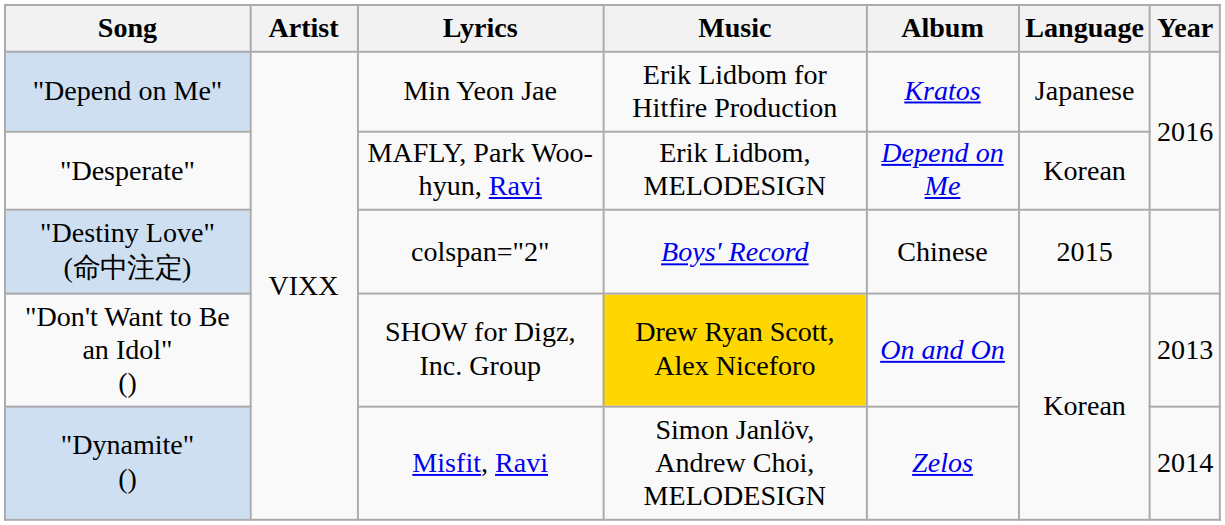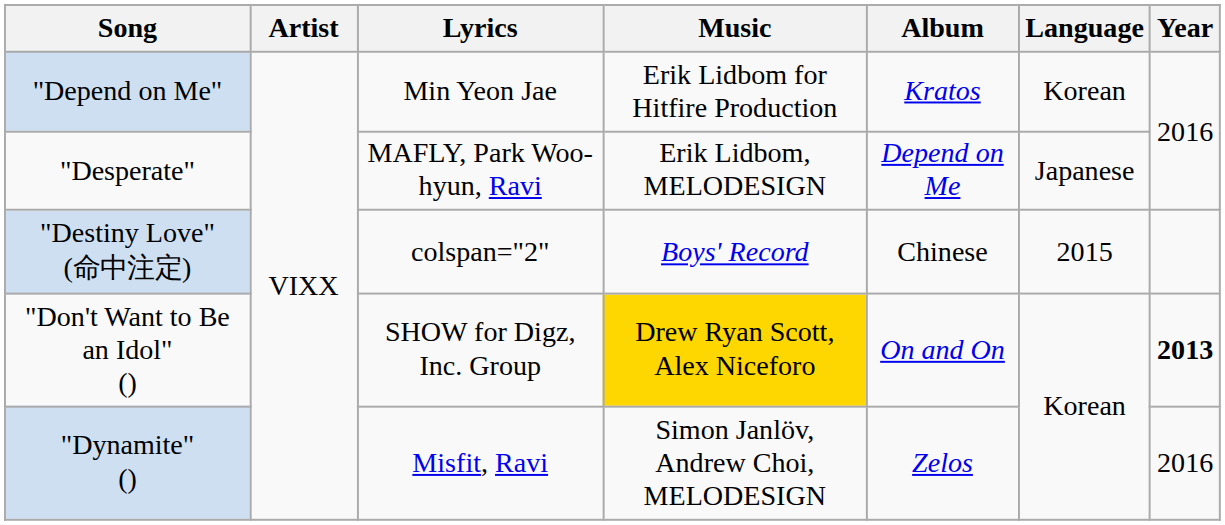 <table class="wikitable sortable" style="margin:0.5em auto; clear:both; font-size:.9em; text-align:center; width:100%">
 <tr>
 <th style="width:25%">Song</th>
 <th style="width:10%">Artist</th>
 <th class="unsortable" style="width:25%">Lyrics</th>
 <th class="unsortable" style="width:25%">Music</th>
 <th style="width:25%">Album</th>
 <th style="width:25%">Language</th>
 <th style="width:25%">Year</th>
 </tr>
 <tr>
 <td style="background:#CEDFF2;">"Depend on Me"</td>
 <td rowspan="5">VIXX</td>
 <td>Min Yeon Jae</td>
 <td>Erik Lidbom for Hitfire Production</td>
 <td><em><a href='#'>Kratos</a></em></td>
-<td>Japanese</td>
+<td>Korean</td>
 <td rowspan="2">2016</td>
 </tr>
 <tr>
 <td>"Desperate"</td>
 <td>MAFLY, Park Woo-hyun, <a href='#'>Ravi</a></td>
 <td>Erik Lidbom, MELODESIGN</td>
 <td><em><a href='#'>Depend on Me</a></em></td>
-<td>Korean</td>
+<td>Japanese</td>
 </tr>
 <tr>
 <td style="background:#CEDFF2;">"Destiny Love"<br>(命中注定)</td>
 <td>colspan="2" </td>
 <td><em><a href='#'>Boys' Record</a></em></td>
 <td>Chinese</td>
 <td>2015</td>
 </tr>
 <tr>
 <td>"Don't Want to Be an Idol"<br>()</td>
 <td>SHOW for Digz, Inc. Group</td>
 <td style="background: gold;">Drew Ryan Scott, Alex Niceforo</td>
 <td><em><a href='#'>On and On</a></em></td>
 <td rowspan="2">Korean</td>
-<td>2013</td>
+<td><strong>2013</strong></td>
 </tr>
 <tr>
 <td style="background:#CEDFF2;">"Dynamite"<br>()</td>
 <td><a href='#'>Misfit</a>, <a href='#'>Ravi</a></td>
 <td>Simon Janlöv, Andrew Choi, MELODESIGN</td>
 <td><em><a href='#'>Zelos</a></em></td>
-<td>2014</td>
+<td>2016</td>
 </tr>
 </table>
